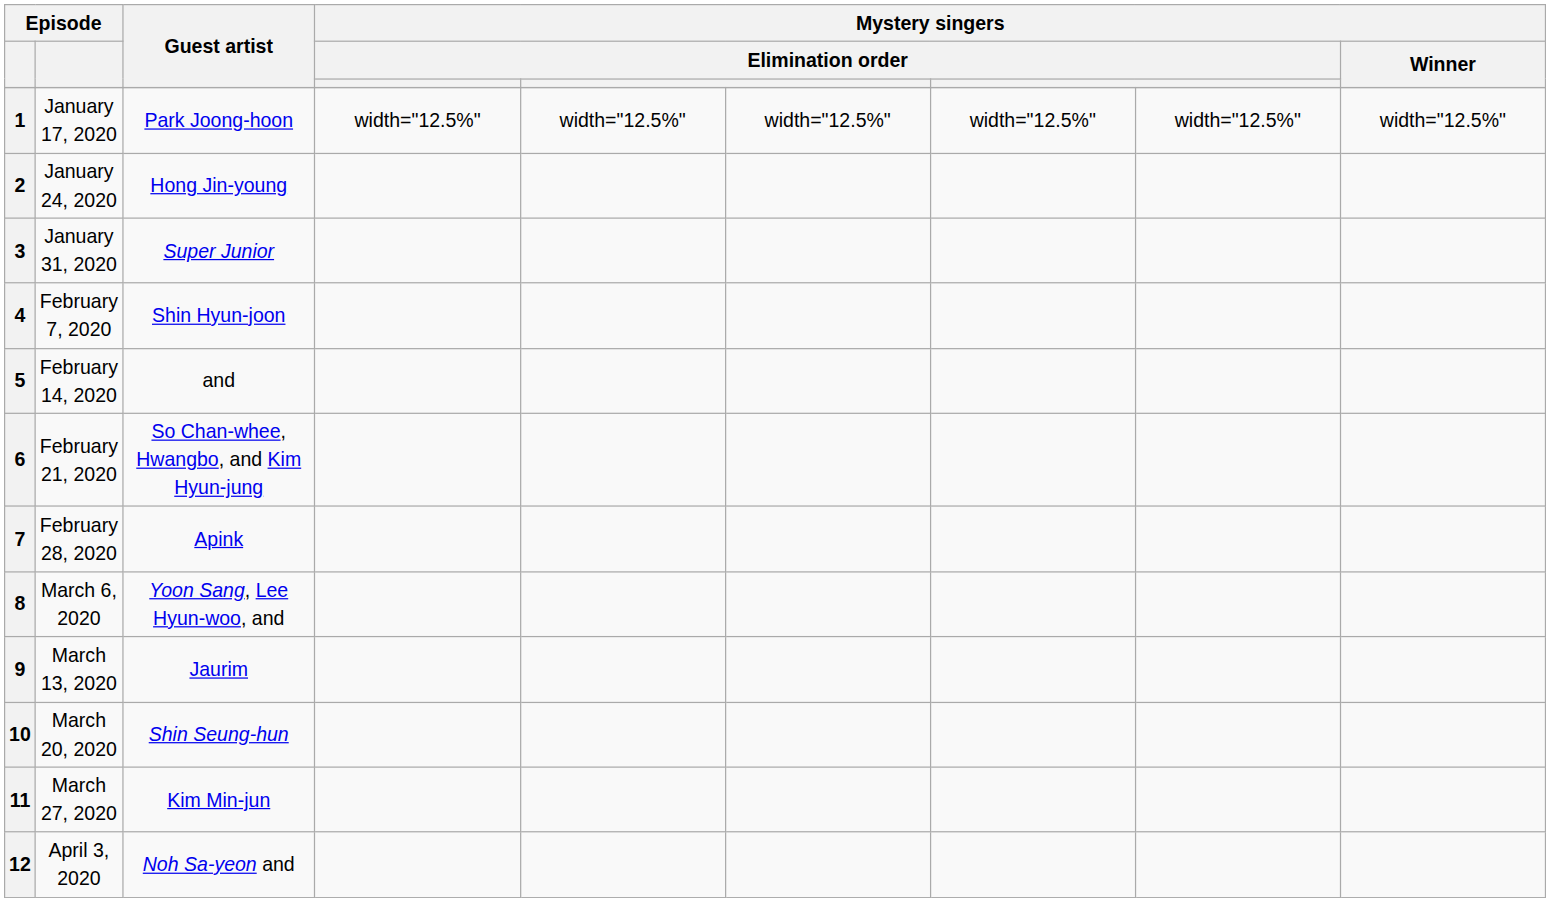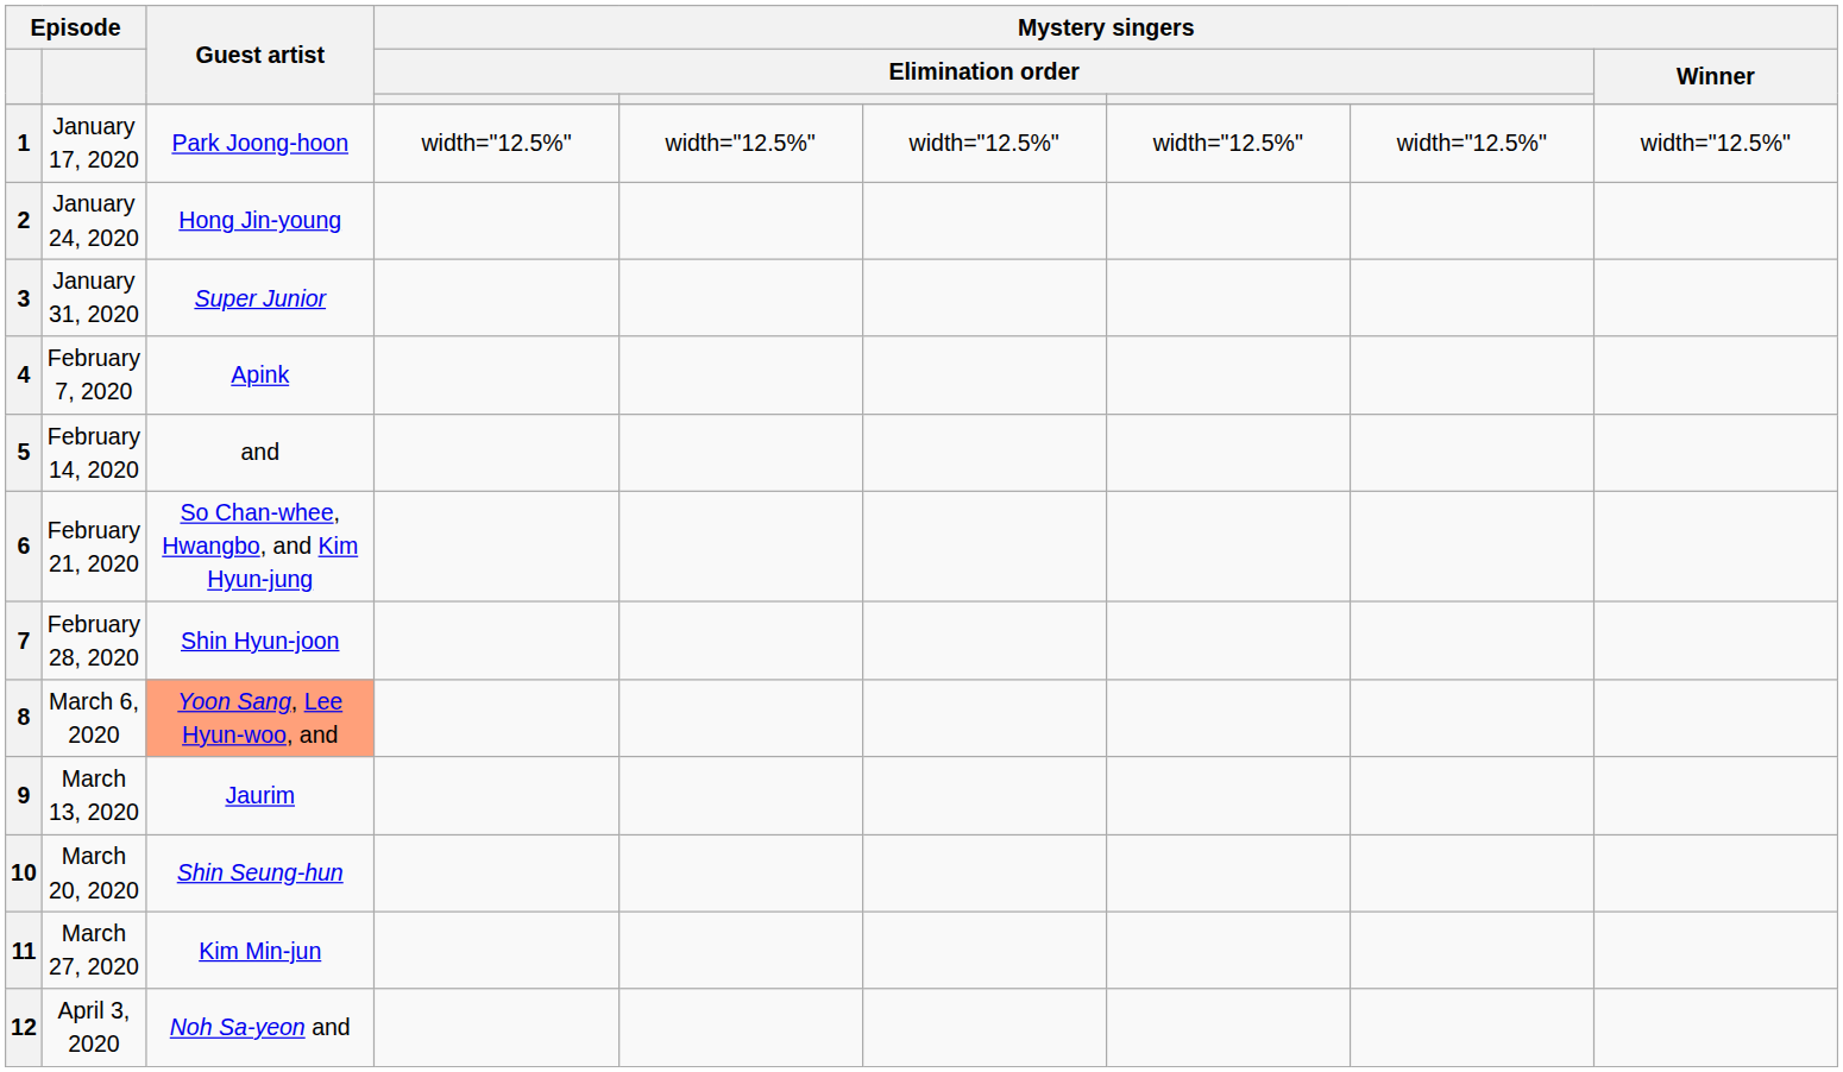 <table class="wikitable plainrowheaders mw-collapsible" style="text-align:center; line-height:23px; width:100%;">
 <tr>
 <th colspan="2" width="1%">Episode</th>
 <th rowspan="3" width="12.5%">Guest artist</th>
 <th colspan="6">Mystery singers<br></th>
 </tr>
 <tr>
 <th rowspan="2"></th>
 <th rowspan="2"></th>
 <th colspan="5">Elimination order</th>
 <th rowspan="2">Winner</th>
 </tr>
 <tr>
 <th></th>
 <th colspan="2"></th>
 <th colspan="2"></th>
 </tr>
 <tr>
 </tr>
 <tr>
 <th>1</th>
 <td>January 17, 2020</td>
 <td><a href='#'>Park Joong-hoon</a><br></td>
 <td>width="12.5%" </td>
 <td>width="12.5%" </td>
 <td>width="12.5%" </td>
 <td>width="12.5%" </td>
 <td>width="12.5%" </td>
 <td>width="12.5%" </td>
 </tr>
 <tr>
 <th>2</th>
 <td>January 24, 2020</td>
 <td><a href='#'>Hong Jin-young</a><br></td>
 <td></td>
 <td></td>
 <td></td>
 <td></td>
 <td></td>
 <td></td>
 </tr>
 <tr>
 <th>3</th>
 <td>January 31, 2020</td>
 <td><em><a href='#'>Super Junior</a></em><br></td>
 <td></td>
 <td></td>
 <td></td>
 <td></td>
 <td></td>
 <td></td>
 </tr>
 <tr>
 <th>4</th>
 <td>February 7, 2020</td>
-<td><a href='#'>Shin Hyun-joon</a><br></td>
+<td><a href='#'>Apink</a><br></td>
 <td></td>
 <td></td>
 <td></td>
 <td></td>
 <td></td>
 <td></td>
 </tr>
 <tr>
 <th>5</th>
 <td>February 14, 2020</td>
 <td> and <br></td>
 <td></td>
 <td></td>
 <td></td>
 <td></td>
 <td></td>
 <td></td>
 </tr>
 <tr>
 <th>6</th>
 <td>February 21, 2020</td>
 <td><a href='#'>So Chan-whee</a>, <a href='#'>Hwangbo</a>, and <a href='#'>Kim Hyun-jung</a><br></td>
 <td></td>
 <td></td>
 <td></td>
 <td></td>
 <td></td>
 <td></td>
 </tr>
 <tr>
 <th>7</th>
 <td>February 28, 2020</td>
-<td><a href='#'>Apink</a><br></td>
+<td><a href='#'>Shin Hyun-joon</a><br></td>
 <td></td>
 <td></td>
 <td></td>
 <td></td>
 <td></td>
 <td></td>
 </tr>
 <tr>
 <th>8</th>
 <td>March 6, 2020</td>
-<td><em><a href='#'>Yoon Sang</a></em>, <a href='#'>Lee Hyun-woo</a>, and <br></td>
+<td style="background: lightsalmon;"><em><a href='#'>Yoon Sang</a></em>, <a href='#'>Lee Hyun-woo</a>, and <br></td>
 <td></td>
 <td></td>
 <td></td>
 <td></td>
 <td></td>
 <td></td>
 </tr>
 <tr>
 <th>9</th>
 <td>March 13, 2020</td>
 <td><a href='#'>Jaurim</a><br></td>
 <td></td>
 <td></td>
 <td></td>
 <td></td>
 <td></td>
 <td></td>
 </tr>
 <tr>
 <th>10</th>
 <td>March 20, 2020</td>
 <td><em><a href='#'>Shin Seung-hun</a></em><br></td>
 <td></td>
 <td></td>
 <td></td>
 <td></td>
 <td></td>
 <td></td>
 </tr>
 <tr>
 <th>11</th>
 <td>March 27, 2020</td>
 <td><a href='#'>Kim Min-jun</a><br></td>
 <td></td>
 <td></td>
 <td></td>
 <td></td>
 <td></td>
 <td></td>
 </tr>
 <tr>
 <th>12</th>
 <td>April 3, 2020</td>
 <td><em><a href='#'>Noh Sa-yeon</a></em> and <br></td>
 <td></td>
 <td></td>
 <td></td>
 <td></td>
 <td></td>
 <td></td>
 </tr>
 </table>
